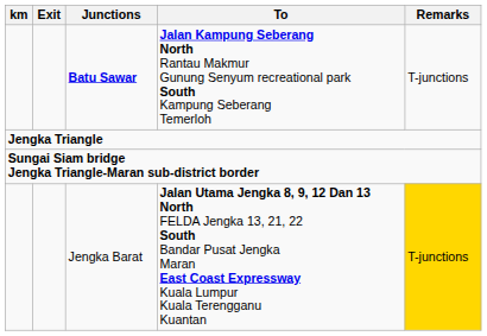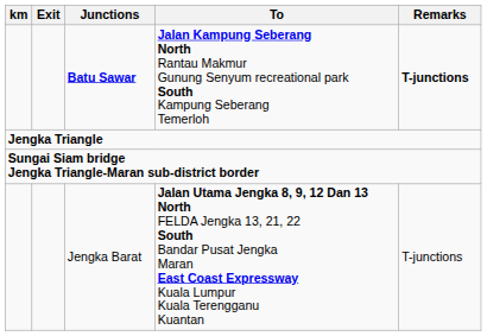 <table class="wikitable">
 <tr>
 <th>km</th>
 <th>Exit</th>
 <th>Junctions</th>
 <th>To</th>
 <th>Remarks</th>
 </tr>
 <tr>
 <td></td>
 <td></td>
 <td><strong><a href='#'>Batu Sawar</a></strong></td>
 <td> <strong><a href='#'>Jalan Kampung Seberang</a></strong><br><strong>North</strong><br>Rantau Makmur<br>Gunung Senyum recreational park<br><strong>South</strong><br>Kampung Seberang<br>Temerloh</td>
-<td>T-junctions</td>
+<td><strong>T-junctions</strong></td>
 </tr>
 <tr>
 <td style="width:600px" colspan="6" style="text-align:center; background:white;"><strong><span>Jengka Triangle</span></strong></td>
 </tr>
 <tr>
 <td style="width:600px" colspan="6" style="text-align:center; background:maroon;"><strong><span>Sungai Siam bridge<br>Jengka Triangle-Maran sub-district border</span></strong></td>
 </tr>
 <tr>
 <td></td>
 <td></td>
 <td>Jengka Barat</td>
 <td> <strong>Jalan Utama Jengka 8, 9, 12 Dan 13</strong><br><strong>North</strong><br>FELDA Jengka 13, 21, 22<br><strong>South</strong><br>Bandar Pusat Jengka<br>Maran<br> <strong><a href='#'>East Coast Expressway</a></strong><br>Kuala Lumpur<br>Kuala Terengganu<br>Kuantan</td>
-<td style="background: gold;">T-junctions</td>
+<td>T-junctions</td>
 </tr>
 </table>
